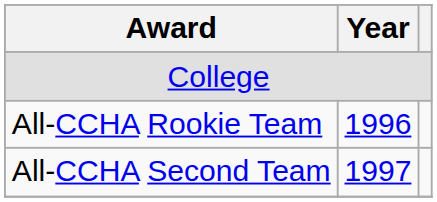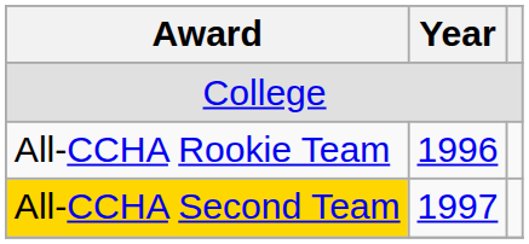 <table class="wikitable">
 <tr>
 <th>Award</th>
 <th>Year</th>
 <th></th>
 </tr>
 <tr ALIGN="center" bgcolor="#e0e0e0">
 <td colspan="3"><a href='#'>College</a></td>
 </tr>
 <tr>
 <td>All-<a href='#'>CCHA</a> <a href='#'>Rookie Team</a></td>
 <td><a href='#'>1996</a></td>
 <td></td>
 </tr>
 <tr>
-<td>All-<a href='#'>CCHA</a> <a href='#'>Second Team</a></td>
+<td style="background: gold;">All-<a href='#'>CCHA</a> <a href='#'>Second Team</a></td>
 <td><a href='#'>1997</a></td>
 <td></td>
 </tr>
 <tr>
 </tr>
 </table>
